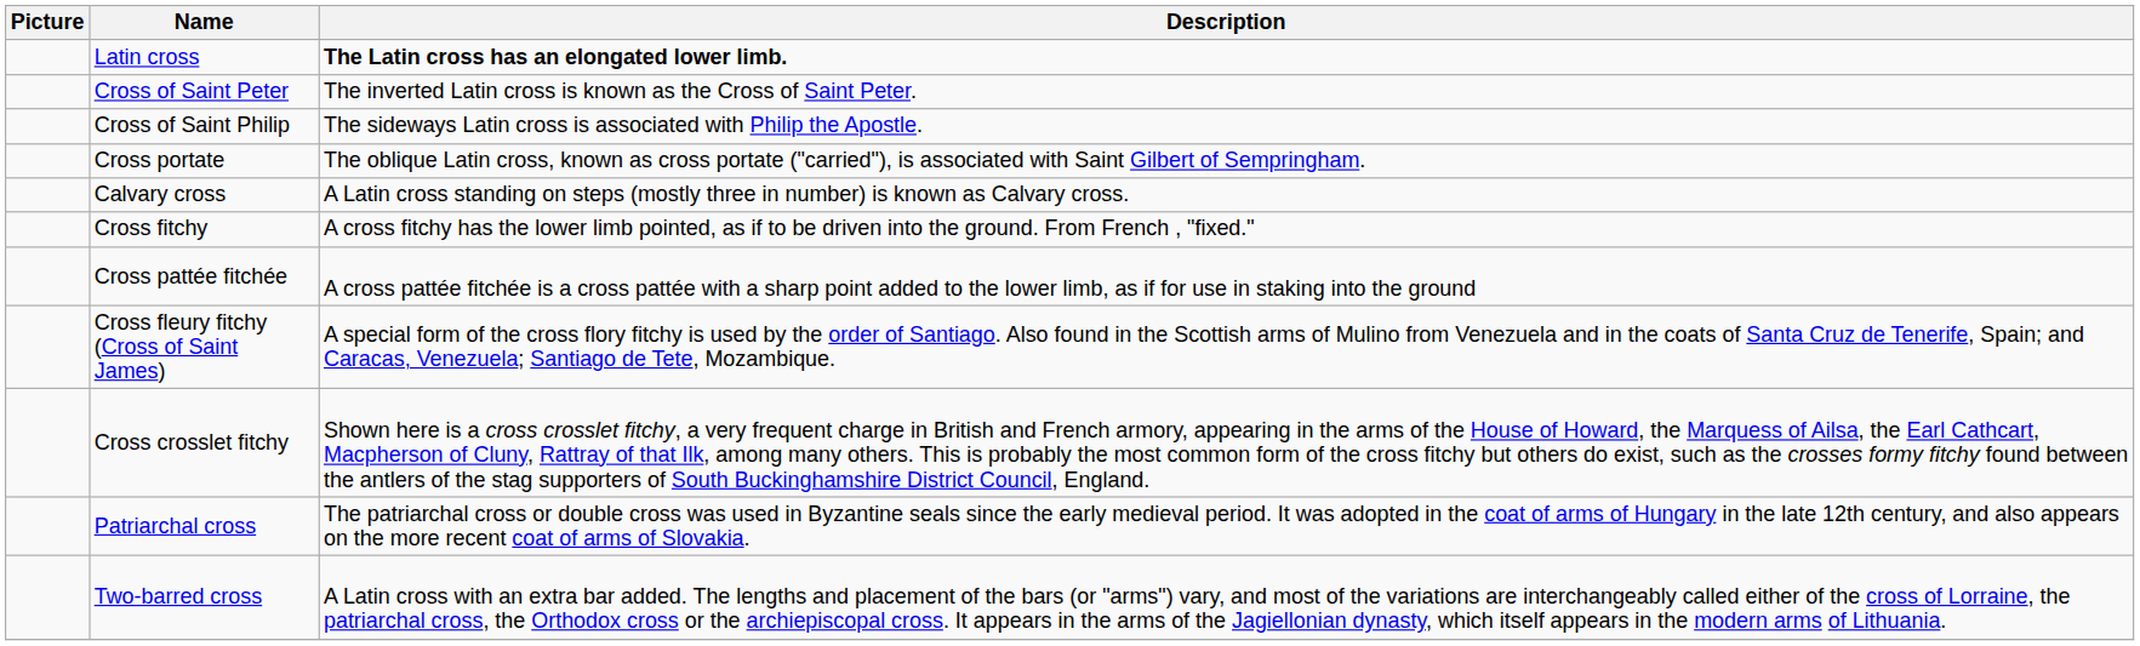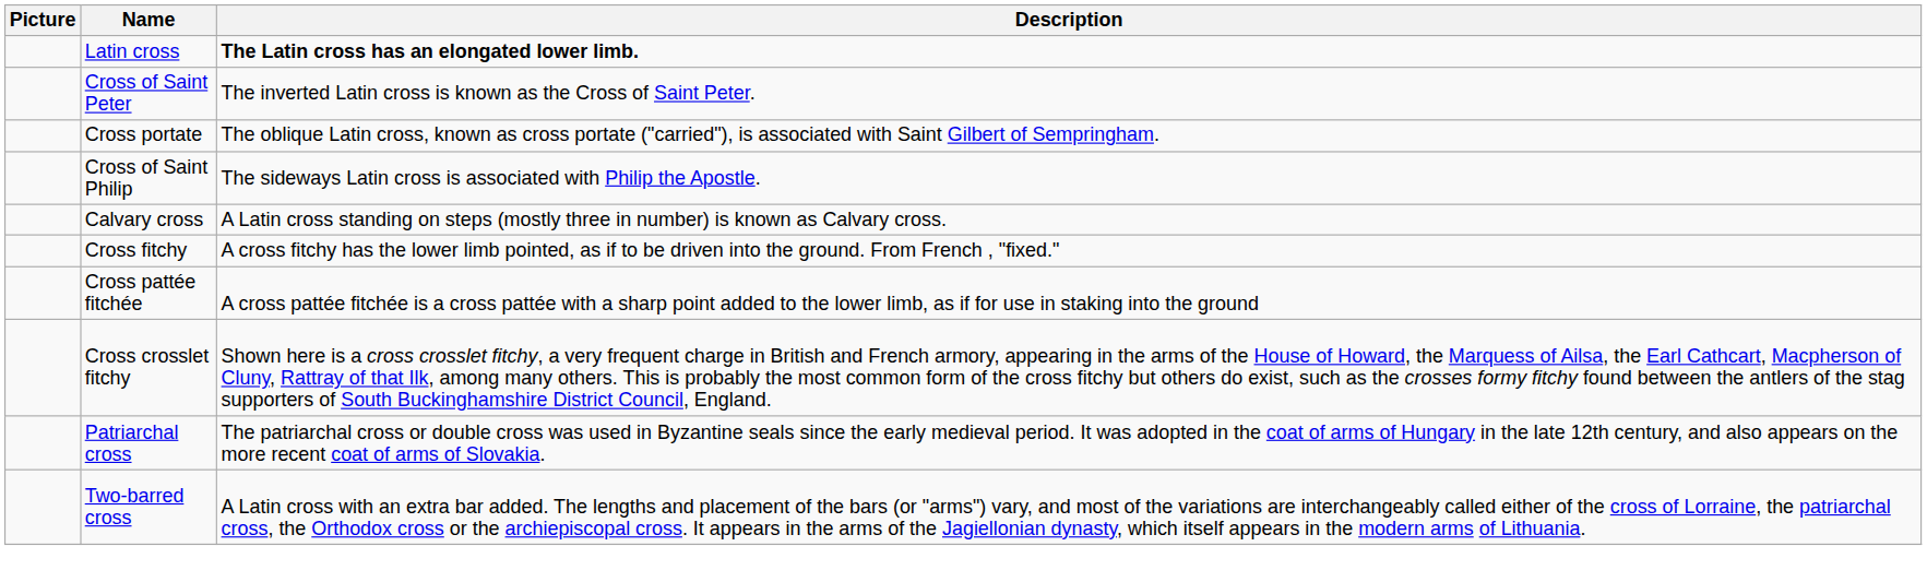 <table class="wikitable">
 <tr>
 <th>Picture</th>
 <th>Name</th>
 <th>Description</th>
 </tr>
 <tr>
 <td style="text-align:center;"></td>
 <td><a href='#'>Latin cross</a></td>
 <td><strong>The Latin cross has an elongated lower limb. <br></strong></td>
 </tr>
 <tr>
 <td style="text-align:center;"></td>
 <td><a href='#'>Cross of Saint Peter</a></td>
 <td>The inverted Latin cross is known as the Cross of <a href='#'>Saint Peter</a>. <br></td>
 </tr>
 <tr>
 <td style="text-align:center;"></td>
-<td>Cross of Saint Philip</td>
-<td>The sideways Latin cross is associated with <a href='#'>Philip the Apostle</a>.</td>
+<td>Cross portate</td>
+<td>The oblique Latin cross, known as cross portate ("carried"), is associated with Saint <a href='#'>Gilbert of Sempringham</a>.</td>
 </tr>
 <tr>
 <td style="text-align:center;"></td>
-<td>Cross portate</td>
-<td>The oblique Latin cross, known as cross portate ("carried"), is associated with Saint <a href='#'>Gilbert of Sempringham</a>.</td>
+<td>Cross of Saint Philip</td>
+<td>The sideways Latin cross is associated with <a href='#'>Philip the Apostle</a>.</td>
 </tr>
 <tr>
 <td style="text-align:center;"></td>
 <td>Calvary cross</td>
 <td>A Latin cross standing on steps (mostly three in number) is known as Calvary cross. <br> </td>
 </tr>
 <tr>
 <td style="text-align:center;"></td>
 <td>Cross fitchy</td>
 <td>A cross fitchy has the lower limb pointed, as if to be driven into the ground. From French , "fixed."</td>
 </tr>
 <tr>
 <td style="text-align:center;"><br></td>
 <td>Cross pattée fitchée</td>
 <td><br>A cross pattée fitchée is a cross pattée with a sharp point added to the lower limb, as if for use in staking into the ground</td>
-</tr>
-<tr>
-<td style="text-align:center;"></td>
-<td>Cross fleury fitchy (<a href='#'>Cross of Saint James</a>)</td>
-<td>A special form of the cross flory fitchy is used by the <a href='#'>order of Santiago</a>. Also found in the Scottish arms of Mulino from Venezuela and in the coats of <a href='#'>Santa Cruz de Tenerife</a>, Spain; and <a href='#'>Caracas, Venezuela</a>; <a href='#'>Santiago de Tete</a>, Mozambique.</td>
 </tr>
 <tr>
 <td style="text-align:center;"></td>
 <td>Cross crosslet fitchy</td>
 <td><br>Shown here is a <em>cross crosslet fitchy</em>, a very frequent charge in British and French armory, appearing in the arms of the <a href='#'>House of Howard</a>, the <a href='#'>Marquess of Ailsa</a>, the <a href='#'>Earl Cathcart</a>, <a href='#'>Macpherson of Cluny</a>, <a href='#'>Rattray of that Ilk</a>, among many others. This is probably the most common form of the cross fitchy but others do exist, such as the <em>crosses formy fitchy</em> found between the antlers of the stag supporters of <a href='#'>South Buckinghamshire District Council</a>, England.</td>
 </tr>
 <tr>
 <td style="text-align:center;"></td>
 <td><a href='#'>Patriarchal cross</a></td>
 <td>The patriarchal cross or double cross was used in Byzantine seals since the early medieval period. It was adopted in the <a href='#'>coat of arms of Hungary</a> in the late 12th century, and also appears on the more recent <a href='#'>coat of arms of Slovakia</a>.</td>
 </tr>
 <tr>
 <td style="text-align:center;"></td>
 <td><a href='#'>Two-barred cross</a></td>
 <td><br>A Latin cross with an extra bar added. The lengths and placement of the bars (or "arms") vary, and most of the variations are interchangeably called either of the <a href='#'>cross of Lorraine</a>, the <a href='#'>patriarchal cross</a>, the <a href='#'>Orthodox cross</a> or the <a href='#'>archiepiscopal cross</a>. It appears in the arms of the <a href='#'>Jagiellonian dynasty</a>, which itself appears in the <a href='#'>modern arms</a> <a href='#'>of Lithuania</a>.</td>
 </tr>
 <tr>
 </tr>
 </table>
